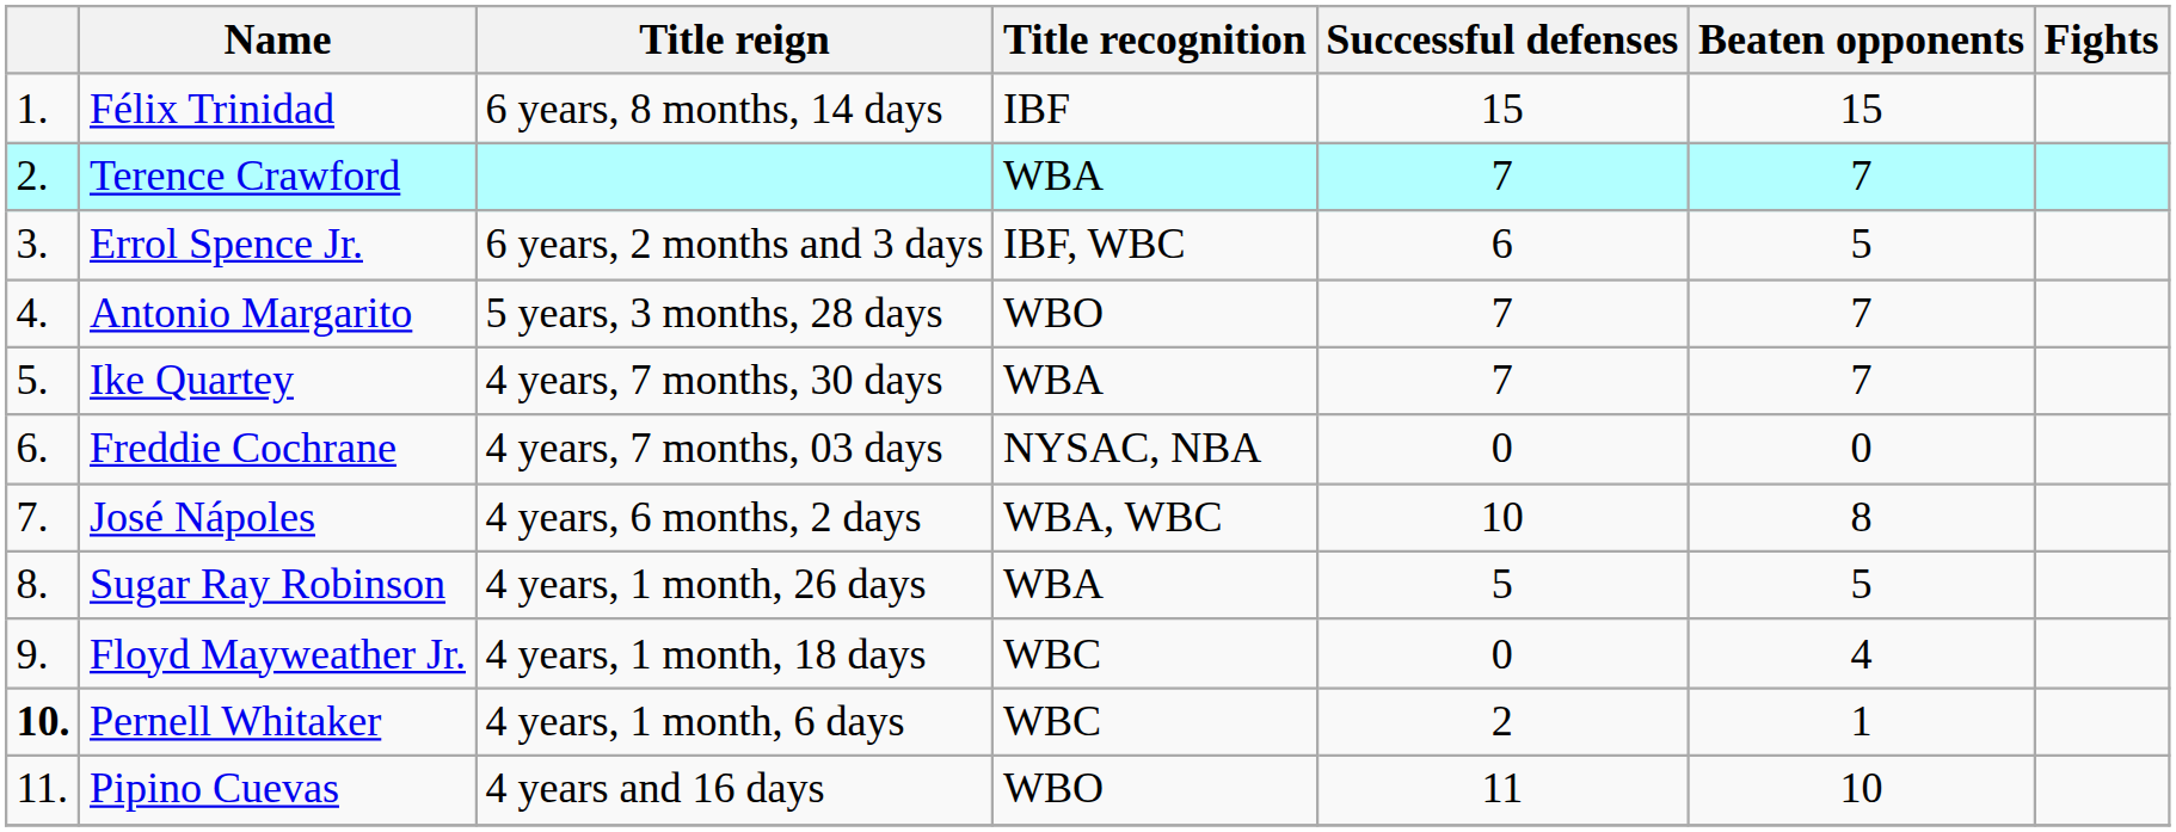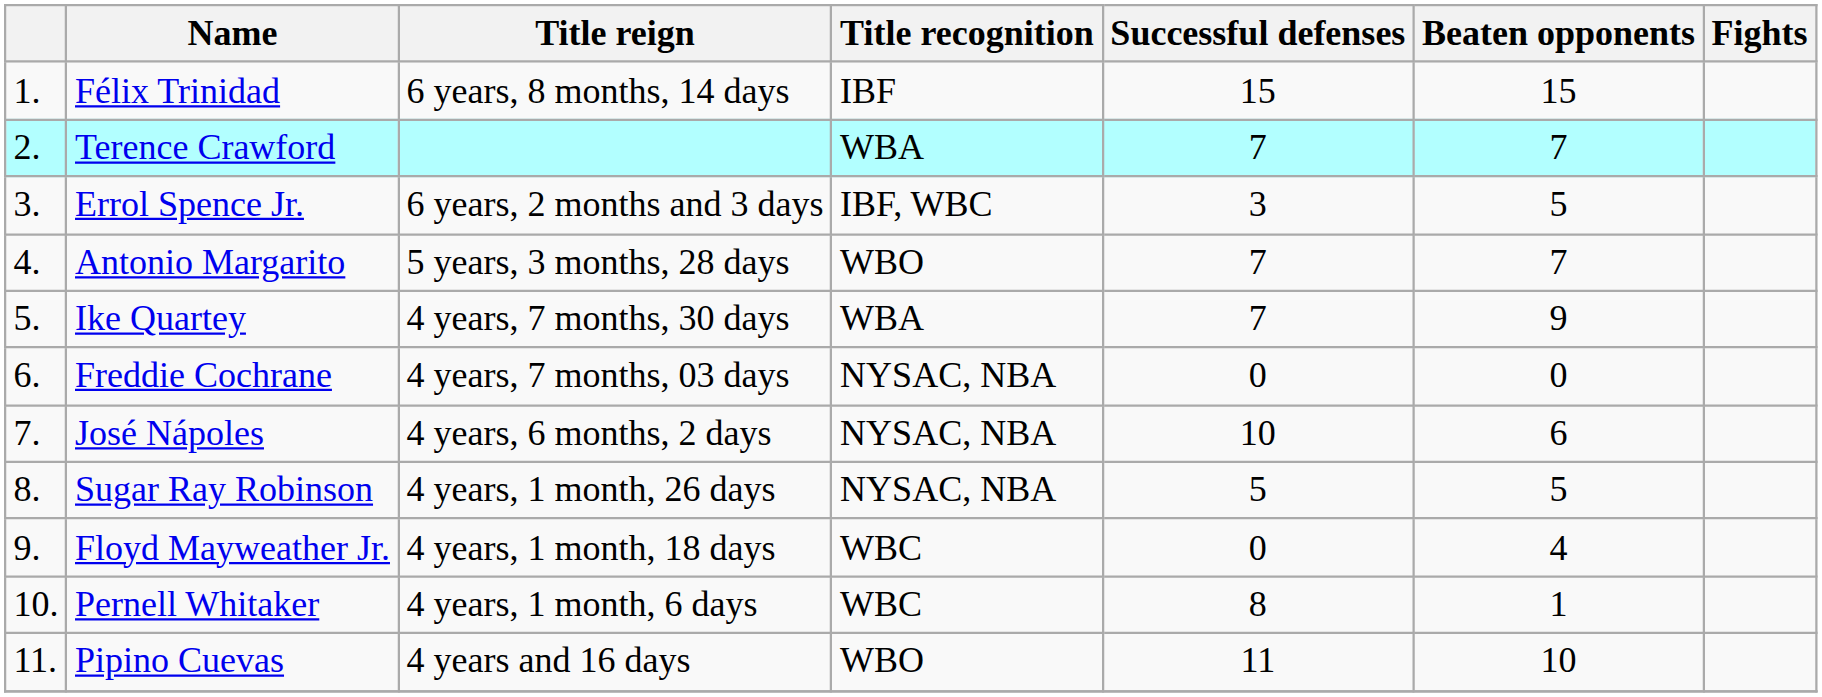 <table class="sortable wikitable ">
 <tr>
 <th></th>
 <th>Name</th>
 <th>Title reign</th>
 <th>Title recognition</th>
 <th>Successful defenses</th>
 <th>Beaten opponents</th>
 <th>Fights</th>
 </tr>
 <tr>
 <td>1.</td>
 <td><a href='#'>Félix Trinidad</a></td>
 <td>6 years, 8 months, 14 days</td>
 <td>IBF</td>
 <td style="text-align:center;">15</td>
 <td style="text-align:center;">15</td>
 <td></td>
 </tr>
 <tr style="background:#b2ffff;">
 <td>2.</td>
 <td><a href='#'>Terence Crawford</a></td>
 <td></td>
 <td>WBA</td>
 <td style="text-align:center;">7</td>
 <td style="text-align:center;">7</td>
 <td></td>
 </tr>
 <tr>
 <td>3.</td>
 <td><a href='#'>Errol Spence Jr.</a></td>
 <td>6 years, 2 months and 3 days</td>
 <td>IBF, WBC</td>
-<td style="text-align:center;">6</td>
+<td style="text-align:center;">3</td>
 <td style="text-align:center;">5</td>
 <td></td>
 </tr>
 <tr>
 <td>4.</td>
 <td><a href='#'>Antonio Margarito</a></td>
 <td>5 years, 3 months, 28 days</td>
 <td>WBO</td>
 <td style="text-align:center;">7</td>
 <td style="text-align:center;">7</td>
 <td></td>
 </tr>
 <tr>
 <td>5.</td>
 <td><a href='#'>Ike Quartey</a></td>
 <td>4 years, 7 months, 30 days</td>
 <td>WBA</td>
 <td style="text-align:center;">7</td>
-<td style="text-align:center;">7</td>
+<td style="text-align:center;">9</td>
 <td></td>
 </tr>
 <tr>
 <td>6.</td>
 <td><a href='#'>Freddie Cochrane</a></td>
 <td>4 years, 7 months, 03 days</td>
 <td>NYSAC, NBA</td>
 <td style="text-align:center;">0</td>
 <td style="text-align:center;">0</td>
 <td></td>
 </tr>
 <tr>
 <td>7.</td>
 <td><a href='#'>José Nápoles</a></td>
 <td>4 years, 6 months, 2 days</td>
-<td>WBA, WBC</td>
+<td>NYSAC, NBA</td>
 <td style="text-align:center;">10</td>
-<td style="text-align:center;">8</td>
+<td style="text-align:center;">6</td>
 <td></td>
 </tr>
 <tr>
 <td>8.</td>
 <td><a href='#'>Sugar Ray Robinson</a></td>
 <td>4 years, 1 month, 26 days</td>
-<td>WBA</td>
+<td>NYSAC, NBA</td>
 <td style="text-align:center;">5</td>
 <td style="text-align:center;">5</td>
 <td></td>
 </tr>
 <tr>
 <td>9.</td>
 <td><a href='#'>Floyd Mayweather Jr.</a></td>
 <td>4 years, 1 month, 18 days</td>
 <td>WBC</td>
 <td style="text-align:center;">0</td>
 <td style="text-align:center;">4</td>
 <td></td>
 </tr>
 <tr>
-<td><strong>10.</strong></td>
+<td>10.</td>
 <td><a href='#'>Pernell Whitaker</a></td>
 <td>4 years, 1 month, 6 days</td>
 <td>WBC</td>
-<td style="text-align:center;">2</td>
+<td style="text-align:center;">8</td>
 <td style="text-align:center;">1</td>
 <td></td>
 </tr>
 <tr>
 <td>11.</td>
 <td><a href='#'>Pipino Cuevas</a></td>
 <td>4 years and 16 days</td>
 <td>WBO</td>
 <td style="text-align:center;">11</td>
 <td style="text-align:center;">10</td>
 <td></td>
 </tr>
 <tr>
 </tr>
 </table>
